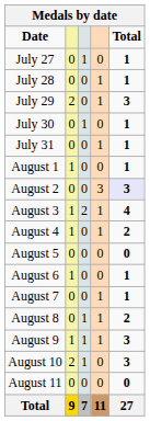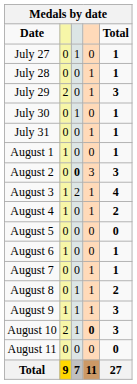 <table class="wikitable" style="font-size:85%">
 <tr bgcolor="#efefef">
 <th colspan=6>Medals by date</th>
 </tr>
 <tr align=center>
 <td><strong>Date</strong></td>
 <td bgcolor=#f7f6a8></td>
 <td bgcolor=#dce5e5></td>
 <td bgcolor=#ffdab9></td>
 <td><strong>Total</strong></td>
 </tr>
 <tr align=center>
 <td>July 27</td>
 <td style="background:#F7F6A8;">0</td>
 <td style="background:#DCE5E5;">1</td>
 <td style="background:#FFDAB9;">0</td>
 <td><strong>1</strong></td>
 </tr>
 <tr align=center>
 <td>July 28</td>
 <td style="background:#F7F6A8;">0</td>
 <td style="background:#DCE5E5;">0</td>
 <td style="background:#FFDAB9;">1</td>
 <td><strong>1</strong></td>
 </tr>
 <tr align=center>
 <td>July 29</td>
 <td style="background:#F7F6A8;">2</td>
 <td style="background:#DCE5E5;">0</td>
 <td style="background:#FFDAB9;">1</td>
 <td><strong>3</strong></td>
 </tr>
 <tr align=center>
 <td>July 30</td>
 <td style="background:#F7F6A8;">0</td>
 <td style="background:#DCE5E5;">1</td>
 <td style="background:#FFDAB9;">0</td>
 <td><strong>1</strong></td>
 </tr>
 <tr align=center>
 <td>July 31</td>
 <td style="background:#F7F6A8;">0</td>
 <td style="background:#DCE5E5;">0</td>
 <td style="background:#FFDAB9;">1</td>
 <td><strong>1</strong></td>
 </tr>
 <tr align=center>
 <td>August 1</td>
 <td style="background:#F7F6A8;">1</td>
 <td style="background:#DCE5E5;">0</td>
 <td style="background:#FFDAB9;">0</td>
 <td><strong>1</strong></td>
 </tr>
 <tr align=center>
 <td>August 2</td>
 <td style="background:#F7F6A8;">0</td>
-<td style="background:#DCE5E5;">0</td>
+<td style="background:#DCE5E5;"><strong>0</strong></td>
 <td style="background:#FFDAB9;">3</td>
-<td style="background: lavender;"><strong>3</strong></td>
+<td><strong>3</strong></td>
 </tr>
 <tr align=center>
 <td>August 3</td>
 <td style="background:#F7F6A8;">1</td>
 <td style="background:#DCE5E5;">2</td>
 <td style="background:#FFDAB9;">1</td>
 <td><strong>4</strong></td>
 </tr>
 <tr align=center>
 <td>August 4</td>
 <td style="background:#F7F6A8;">1</td>
 <td style="background:#DCE5E5;">0</td>
 <td style="background:#FFDAB9;">1</td>
 <td><strong>2</strong></td>
 </tr>
 <tr align=center>
 <td>August 5</td>
 <td style="background:#F7F6A8;">0</td>
 <td style="background:#DCE5E5;">0</td>
 <td style="background:#FFDAB9;">0</td>
 <td><strong>0</strong></td>
 </tr>
 <tr align=center>
 <td>August 6</td>
 <td style="background:#F7F6A8;">1</td>
 <td style="background:#DCE5E5;">0</td>
 <td style="background:#FFDAB9;">0</td>
 <td><strong>1</strong></td>
 </tr>
 <tr align=center>
 <td>August 7</td>
 <td style="background:#F7F6A8;">0</td>
 <td style="background:#DCE5E5;">0</td>
 <td style="background:#FFDAB9;">1</td>
 <td><strong>1</strong></td>
 </tr>
 <tr align=center>
 <td>August 8</td>
 <td style="background:#F7F6A8;">0</td>
 <td style="background:#DCE5E5;">1</td>
 <td style="background:#FFDAB9;">1</td>
 <td><strong>2</strong></td>
 </tr>
 <tr align=center>
 <td>August 9</td>
 <td style="background:#F7F6A8;">1</td>
 <td style="background:#DCE5E5;">1</td>
 <td style="background:#FFDAB9;">1</td>
 <td><strong>3</strong></td>
 </tr>
 <tr align=center>
 <td>August 10</td>
 <td style="background:#F7F6A8;">2</td>
 <td style="background:#DCE5E5;">1</td>
-<td style="background:#FFDAB9;">0</td>
+<td style="background:#FFDAB9;"><strong>0</strong></td>
 <td><strong>3</strong></td>
 </tr>
 <tr align=center>
 <td>August 11</td>
 <td style="background:#F7F6A8;">0</td>
 <td style="background:#DCE5E5;">0</td>
 <td style="background:#FFDAB9;">0</td>
 <td><strong>0</strong></td>
 </tr>
 <tr align=center>
 <th><strong>Total</strong></th>
 <th style="background:gold;"><strong>9</strong></th>
 <th style="background:silver;"><strong>7</strong></th>
 <th style="background:#c96;"><strong>11</strong></th>
 <th>27</th>
 </tr>
 </table>
